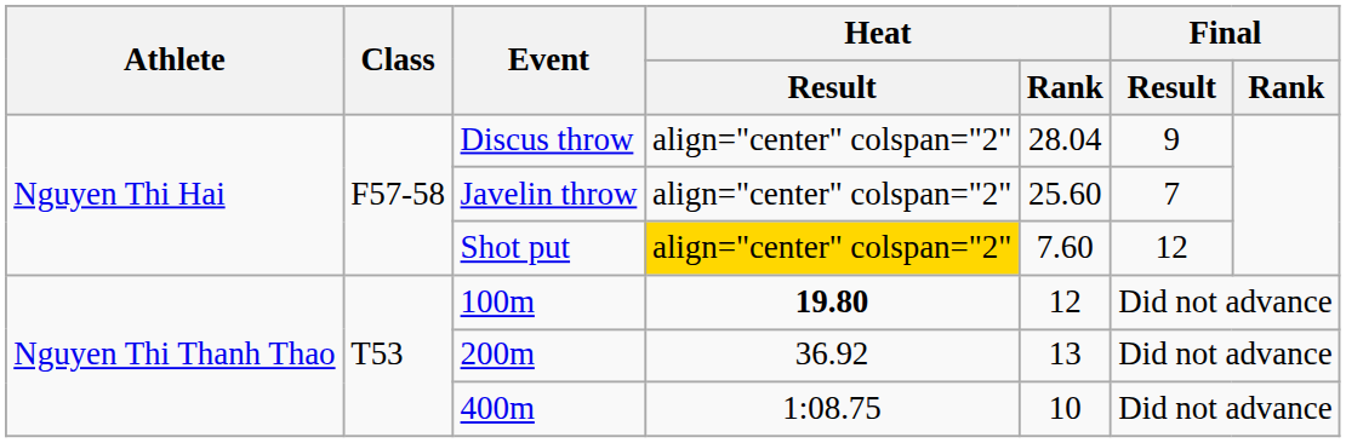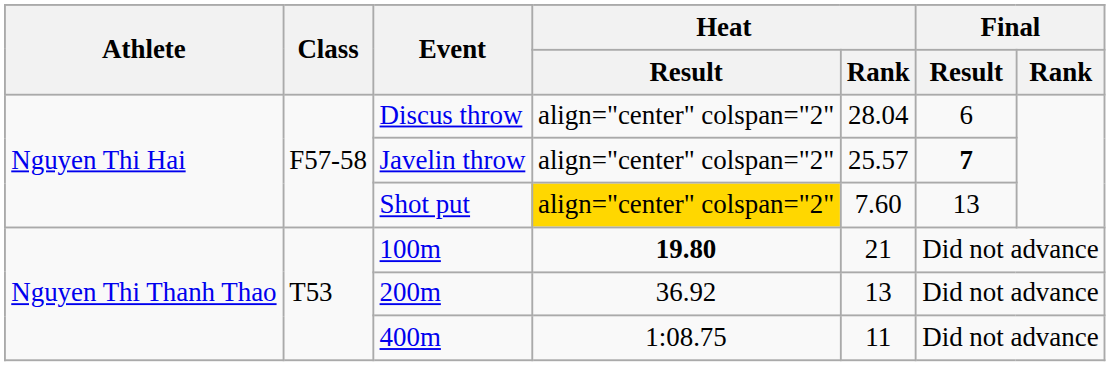 <table class=wikitable style="font-size:90%">
 <tr>
 <th rowspan="2">Athlete</th>
 <th rowspan="2">Class</th>
 <th rowspan="2">Event</th>
 <th colspan="2">Heat</th>
 <th colspan="2">Final</th>
 </tr>
 <tr>
 <th>Result</th>
 <th>Rank</th>
 <th>Result</th>
 <th>Rank</th>
 </tr>
 <tr>
 <td rowspan=3><a href='#'>Nguyen Thi Hai</a></td>
 <td rowspan=3>F57-58</td>
 <td><a href='#'>Discus throw</a></td>
 <td>align="center" colspan="2" </td>
 <td align="center">28.04</td>
-<td align="center">9</td>
+<td align="center">6</td>
 </tr>
 <tr>
 <td><a href='#'>Javelin throw</a></td>
 <td>align="center" colspan="2" </td>
-<td align="center">25.60</td>
-<td align="center">7</td>
+<td align="center">25.57</td>
+<td align="center"><strong>7</strong></td>
 </tr>
 <tr>
 <td><a href='#'>Shot put</a></td>
 <td style="background: gold;">align="center" colspan="2" </td>
 <td align="center">7.60</td>
-<td align="center">12</td>
+<td align="center">13</td>
 </tr>
 <tr>
 <td rowspan=3><a href='#'>Nguyen Thi Thanh Thao</a></td>
 <td rowspan=3>T53</td>
 <td><a href='#'>100m</a></td>
 <td align="center"><strong>19.80</strong></td>
-<td align="center">12</td>
+<td align="center">21</td>
 <td align="center" colspan="2">Did not advance</td>
 </tr>
 <tr>
 <td><a href='#'>200m</a></td>
 <td align="center">36.92</td>
 <td align="center">13</td>
 <td align="center" colspan="2">Did not advance</td>
 </tr>
 <tr>
 <td><a href='#'>400m</a></td>
 <td align="center">1:08.75</td>
-<td align="center">10</td>
+<td align="center">11</td>
 <td align="center" colspan="2">Did not advance</td>
 </tr>
 </table>
